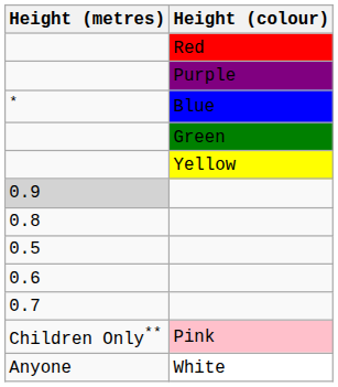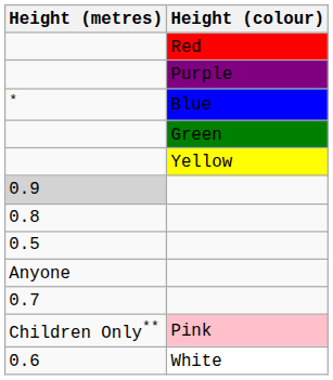 <table class="wikitable">
 <tr>
 <th>Height (metres)</th>
 <th>Height (colour)</th>
 </tr>
 <tr>
 <td></td>
 <td bgcolor=#FF0000>Red</td>
 </tr>
 <tr>
 <td></td>
 <td bgcolor=#800080>Purple</td>
 </tr>
 <tr>
 <td><sup>*</sup></td>
 <td bgcolor=#0000FF>Blue</td>
 </tr>
 <tr>
 <td></td>
 <td bgcolor=#008000>Green</td>
 </tr>
 <tr>
 <td></td>
 <td bgcolor=#FFFF00>Yellow</td>
 </tr>
 <tr>
 <td style="background: lightgrey;">0.9</td>
 <td></td>
 </tr>
 <tr>
 <td>0.8</td>
 <td></td>
 </tr>
 <tr>
 <td>0.5</td>
 <td></td>
 </tr>
 <tr>
-<td>0.6</td>
+<td>Anyone</td>
 <td></td>
 </tr>
 <tr>
 <td>0.7</td>
 <td></td>
 </tr>
 <tr>
 <td>Children Only<sup>**</sup></td>
 <td bgcolor=#FFC0CB>Pink</td>
 </tr>
 <tr>
-<td>Anyone</td>
+<td>0.6</td>
 <td bgcolor=#FFFFFF>White</td>
 </tr>
 </table>
